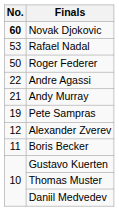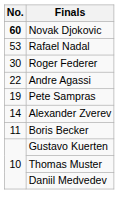 <table class="wikitable nowrap" style="display:inline-table">
 <tr>
 <th scope="col" style="width:20">No.</th>
 <th>Finals</th>
 </tr>
 <tr>
 <td style="text-align:center;"><strong>60</strong></td>
 <td> Novak Djokovic</td>
 </tr>
 <tr>
 <td style="text-align:center;">53</td>
 <td> Rafael Nadal</td>
 </tr>
 <tr>
-<td style="text-align:center;">50</td>
+<td style="text-align:center;">30</td>
 <td> Roger Federer</td>
 </tr>
 <tr>
 <td style="text-align:center;">22</td>
 <td> Andre Agassi</td>
 </tr>
 <tr>
-<td style="text-align:center;">21</td>
-<td> Andy Murray</td>
-</tr>
-<tr>
 <td style="text-align:center;">19</td>
 <td> Pete Sampras</td>
 </tr>
 <tr>
-<td style="text-align:center;">12</td>
+<td style="text-align:center;">14</td>
 <td> Alexander Zverev</td>
 </tr>
 <tr>
 <td style="text-align:center;">11</td>
 <td> Boris Becker</td>
 </tr>
 <tr>
 <td rowspan="3" style="text-align:center;">10</td>
 <td> Gustavo Kuerten</td>
 </tr>
 <tr>
 <td> Thomas Muster</td>
 </tr>
 <tr>
 <td> Daniil Medvedev</td>
 </tr>
 </table>
